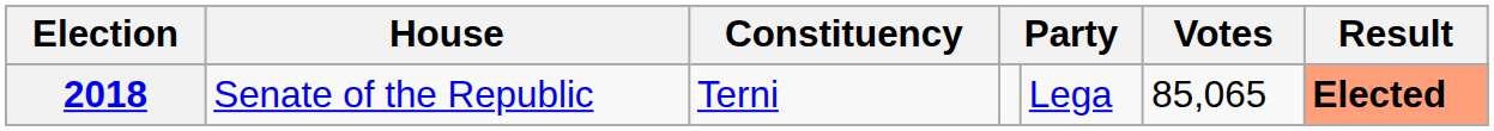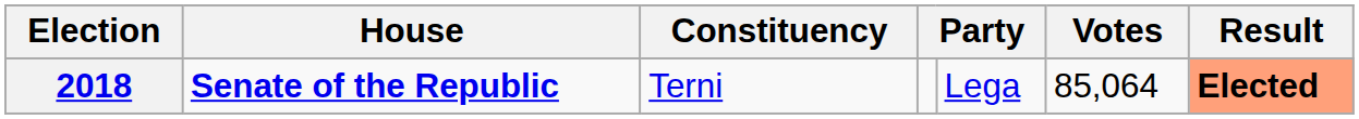 <table class=wikitable style="width:50%; border:1px #AAAAFF solid">
 <tr>
 <th>Election</th>
 <th>House</th>
 <th>Constituency</th>
 <th colspan="2">Party</th>
 <th>Votes</th>
 <th>Result</th>
 </tr>
 <tr>
 <th><a href='#'>2018</a></th>
-<td><a href='#'>Senate of the Republic</a></td>
+<td><strong><a href='#'>Senate of the Republic</a></strong></td>
 <td><a href='#'>Terni</a></td>
 <td></td>
 <td><a href='#'>Lega</a></td>
-<td>85,065</td>
+<td>85,064</td>
 <td style="background: lightsalmon;"> <strong>Elected</strong></td>
 </tr>
 </table>
